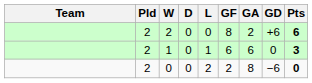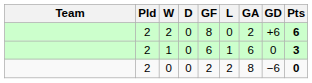 <table class="wikitable" style="text-align: center;">
 <tr>
 <th width="175">Team</th>
 <th width="20">Pld</th>
 <th width="20">W</th>
 <th width="20">D</th>
+<th width="20">GF</th>
 <th width="20">L</th>
-<th width="20">GF</th>
 <th width="20">GA</th>
 <th width="20">GD</th>
 <th width="20">Pts</th>
 </tr>
 <tr bgcolor="#ccffcc">
 <td align="left"></td>
 <td>2</td>
 <td>2</td>
 <td>0</td>
+<td>8</td>
 <td>0</td>
-<td>8</td>
 <td>2</td>
 <td>+6</td>
 <td><strong>6</strong></td>
 </tr>
 <tr bgcolor="#ccffcc">
 <td align="left"></td>
 <td>2</td>
 <td>1</td>
 <td>0</td>
+<td>6</td>
 <td>1</td>
-<td>6</td>
 <td>6</td>
 <td>0</td>
 <td><strong>3</strong></td>
 </tr>
 <tr>
 <td align="left"></td>
 <td>2</td>
 <td>0</td>
 <td>0</td>
 <td>2</td>
 <td>2</td>
 <td>8</td>
 <td>−6</td>
 <td><strong>0</strong></td>
 </tr>
 </table>
